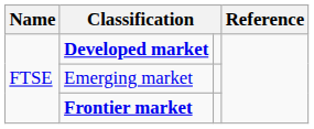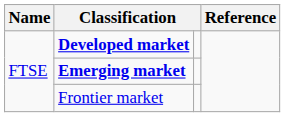 <table class="wikitable sortable" style="text-align:left">
 <tr>
 <th>Name</th>
 <th colspan="2">Classification</th>
 <th>Reference</th>
 </tr>
 <tr>
 <td rowspan="3"><a href='#'>FTSE</a></td>
 <td><strong><a href='#'>Developed market</a></strong></td>
 <td></td>
 <td rowspan="3"></td>
 </tr>
 <tr>
-<td><a href='#'>Emerging market</a></td>
+<td><strong><a href='#'>Emerging market</a></strong></td>
 <td></td>
 </tr>
 <tr>
-<td><strong><a href='#'>Frontier market</a></strong></td>
+<td><a href='#'>Frontier market</a></td>
 <td></td>
 </tr>
 </table>
